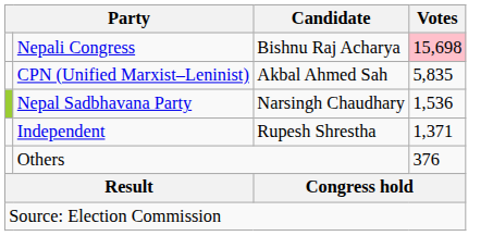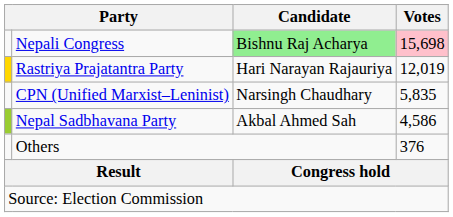 <table class="wikitable">
 <tr>
 <th colspan="2">Party</th>
 <th>Candidate</th>
 <th>Votes</th>
 </tr>
 <tr>
 <td style="background-color:"></td>
 <td><a href='#'>Nepali Congress</a></td>
-<td>Bishnu Raj Acharya</td>
+<td style="background: lightgreen;">Bishnu Raj Acharya</td>
 <td style="background: pink;">15,698</td>
+</tr>
+<tr>
+<td style="background-color:gold"></td>
+<td><a href='#'>Rastriya Prajatantra Party</a></td>
+<td>Hari Narayan Rajauriya</td>
+<td>12,019</td>
 </tr>
 <tr>
 <td style="background-color:"></td>
 <td><a href='#'>CPN (Unified Marxist–Leninist)</a></td>
-<td>Akbal Ahmed Sah</td>
+<td>Narsingh Chaudhary</td>
 <td>5,835</td>
 </tr>
 <tr>
 <td style="background-color:yellowgreen"></td>
 <td><a href='#'>Nepal Sadbhavana Party</a></td>
-<td>Narsingh Chaudhary</td>
-<td>1,536</td>
-</tr>
-<tr>
-<td style="background-color:"></td>
-<td><a href='#'>Independent</a></td>
-<td>Rupesh Shrestha</td>
-<td>1,371</td>
+<td>Akbal Ahmed Sah</td>
+<td>4,586</td>
 </tr>
 <tr>
 <td></td>
 <td colspan="2">Others</td>
 <td>376</td>
 </tr>
 <tr>
 <th colspan="2">Result</th>
 <th colspan="2">Congress hold</th>
 </tr>
 <tr>
 <td colspan="4">Source: Election Commission</td>
 </tr>
 </table>
